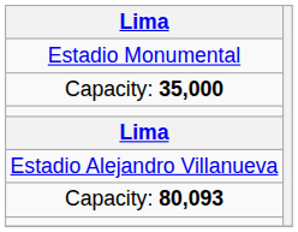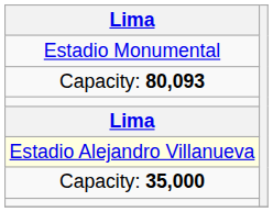 <table class=wikitable style="text-align:center">
 <tr>
 <th><a href='#'>Lima</a></th>
 <th rowspan=8></th>
 </tr>
 <tr>
 <td><a href='#'>Estadio Monumental</a></td>
 </tr>
 <tr>
-<td>Capacity: <strong>35,000</strong></td>
+<td>Capacity: <strong>80,093</strong></td>
 </tr>
 <tr>
 <td></td>
 </tr>
 <tr>
 <th><a href='#'>Lima</a></th>
 </tr>
 <tr>
-<td><a href='#'>Estadio Alejandro Villanueva</a></td>
+<td style="background: lightyellow;"><a href='#'>Estadio Alejandro Villanueva</a></td>
 </tr>
 <tr>
-<td>Capacity: <strong>80,093</strong></td>
+<td>Capacity: <strong>35,000</strong></td>
 </tr>
 <tr>
 <td></td>
 </tr>
 <tr>
 </tr>
 </table>
